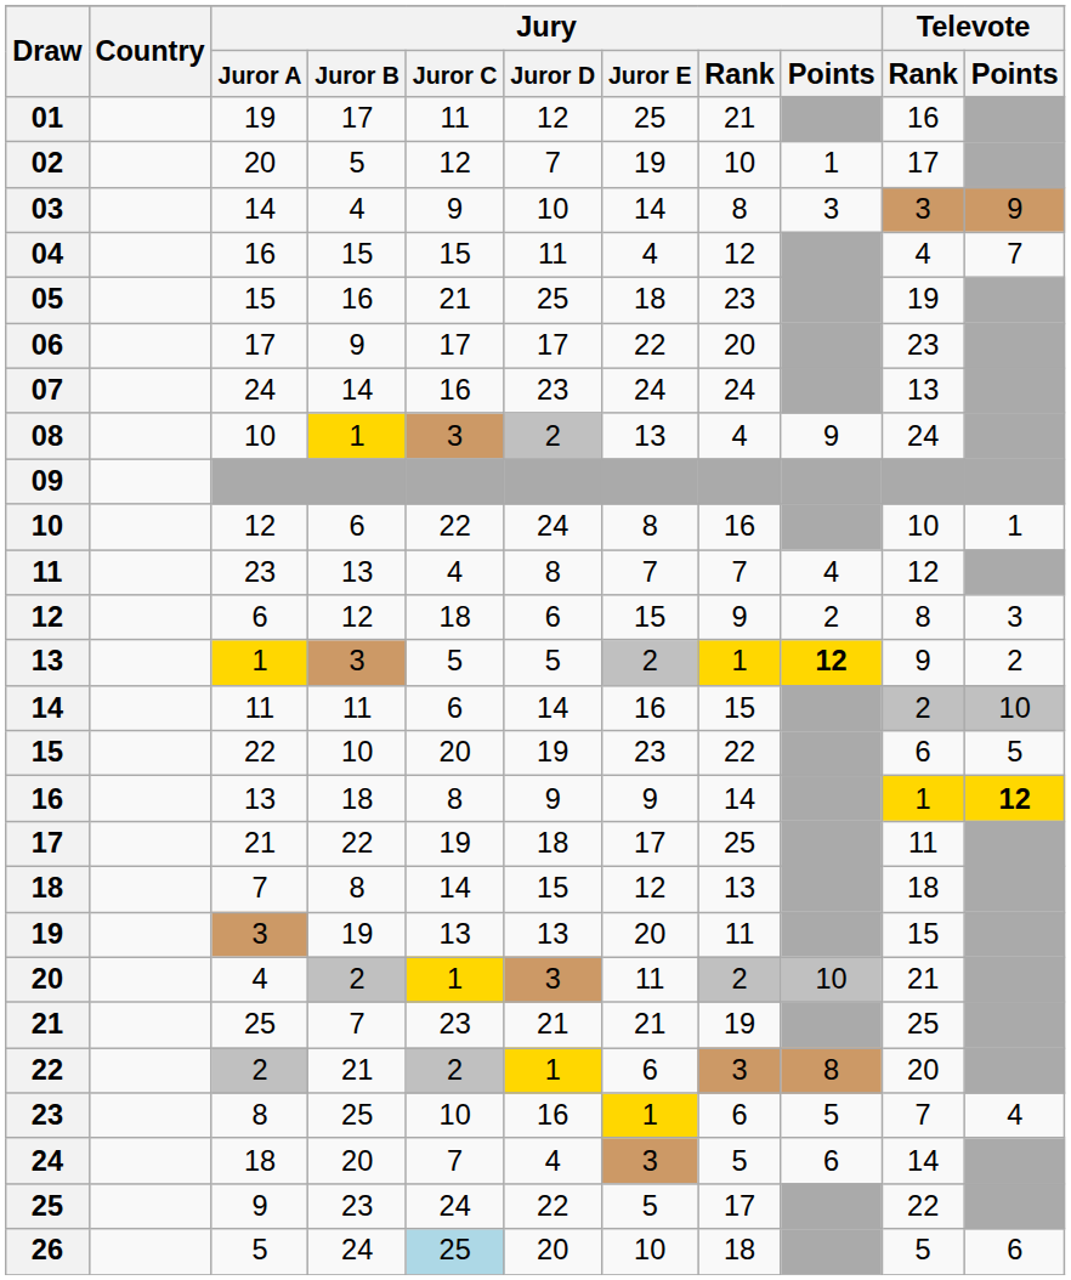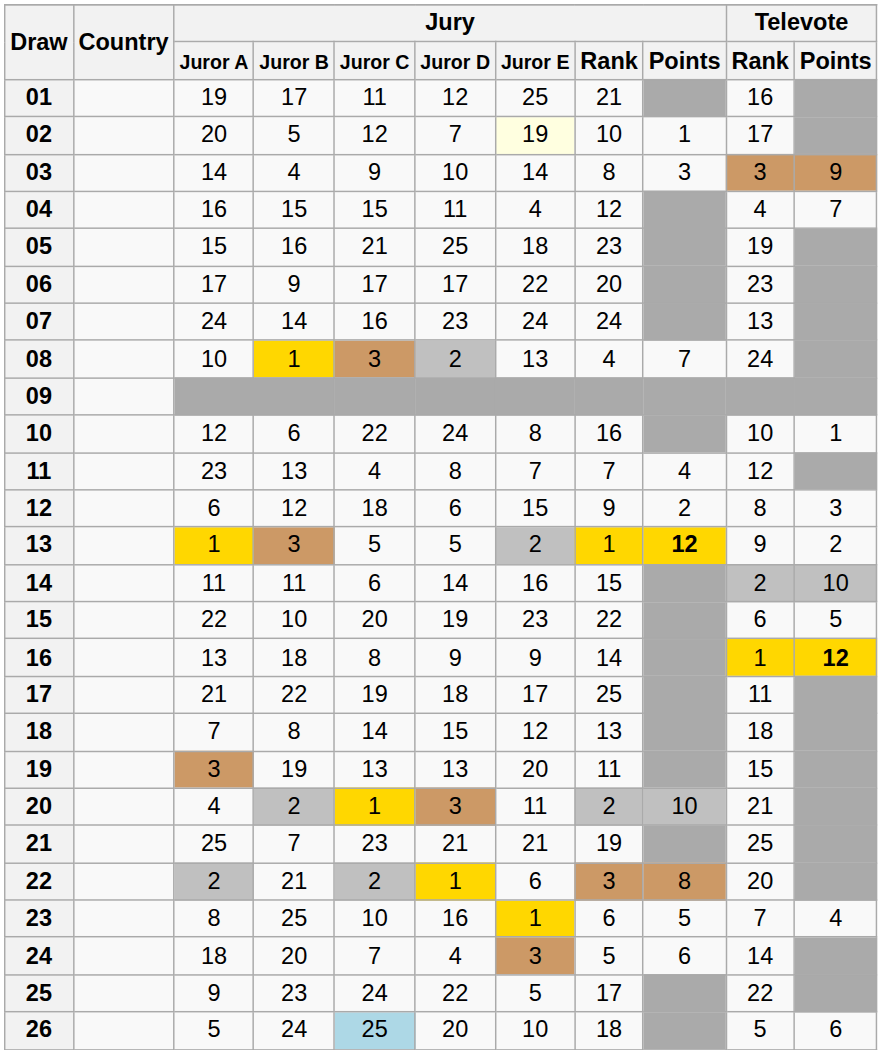 <table class="sortable wikitable collapsible plainrowheaders" style="text-align:center;">
 <tr>
 </tr>
 <tr>
 <th scope="col" rowspan="2">Draw</th>
 <th scope="col" rowspan="2">Country</th>
 <th scope="col" colspan="7">Jury</th>
 <th scope="col" colspan="2">Televote</th>
 </tr>
 <tr>
 <th scope="col"><small>Juror A</small></th>
 <th scope="col"><small>Juror B</small></th>
 <th scope="col"><small>Juror C</small></th>
 <th scope="col"><small>Juror D</small></th>
 <th scope="col"><small>Juror E</small></th>
 <th scope="col">Rank</th>
 <th scope="col" class="unsortable">Points</th>
 <th scope="col">Rank</th>
 <th scope="col" class="unsortable">Points</th>
 </tr>
 <tr>
 <th scope="row" style="text-align:center;">01</th>
 <td style="text-align:left;"></td>
 <td>19</td>
 <td>17</td>
 <td>11</td>
 <td>12</td>
 <td>25</td>
 <td>21</td>
 <td style="background:#AAAAAA;"></td>
 <td>16</td>
 <td style="background:#AAAAAA;"></td>
 </tr>
 <tr>
 <th scope="row" style="text-align:center;">02</th>
 <td style="text-align:left;"></td>
 <td>20</td>
 <td>5</td>
 <td>12</td>
 <td>7</td>
-<td>19</td>
+<td style="background: lightyellow;">19</td>
 <td>10</td>
 <td>1</td>
 <td>17</td>
 <td style="background:#AAAAAA;"></td>
 </tr>
 <tr>
 <th scope="row" style="text-align:center;">03</th>
 <td style="text-align:left;"></td>
 <td>14</td>
 <td>4</td>
 <td>9</td>
 <td>10</td>
 <td>14</td>
 <td>8</td>
 <td>3</td>
 <td style="background:#CC9966;">3</td>
 <td style="background:#CC9966;">9</td>
 </tr>
 <tr>
 <th scope="row" style="text-align:center;">04</th>
 <td style="text-align:left;"></td>
 <td>16</td>
 <td>15</td>
 <td>15</td>
 <td>11</td>
 <td>4</td>
 <td>12</td>
 <td style="background:#AAAAAA;"></td>
 <td>4</td>
 <td>7</td>
 </tr>
 <tr>
 <th scope="row" style="text-align:center;">05</th>
 <td style="text-align:left;"></td>
 <td>15</td>
 <td>16</td>
 <td>21</td>
 <td>25</td>
 <td>18</td>
 <td>23</td>
 <td style="background:#AAAAAA;"></td>
 <td>19</td>
 <td style="background:#AAAAAA;"></td>
 </tr>
 <tr>
 <th scope="row" style="text-align:center;">06</th>
 <td style="text-align:left;"></td>
 <td>17</td>
 <td>9</td>
 <td>17</td>
 <td>17</td>
 <td>22</td>
 <td>20</td>
 <td style="background:#AAAAAA;"></td>
 <td>23</td>
 <td style="background:#AAAAAA;"></td>
 </tr>
 <tr>
 <th scope="row" style="text-align:center;">07</th>
 <td style="text-align:left;"></td>
 <td>24</td>
 <td>14</td>
 <td>16</td>
 <td>23</td>
 <td>24</td>
 <td>24</td>
 <td style="background:#AAAAAA;"></td>
 <td>13</td>
 <td style="background:#AAAAAA;"></td>
 </tr>
 <tr>
 <th scope="row" style="text-align:center;">08</th>
 <td style="text-align:left;"></td>
 <td>10</td>
 <td style="background:gold;">1</td>
 <td style="background:#CC9966;">3</td>
 <td style="background:silver;">2</td>
 <td>13</td>
 <td>4</td>
-<td>9</td>
+<td>7</td>
 <td>24</td>
 <td style="background:#AAAAAA;"></td>
 </tr>
 <tr class=sortbottom>
 <th scope="row" style="text-align:center;">09</th>
 <td style="text-align:left;"></td>
 <td style="background:#AAAAAA;"></td>
 <td style="background:#AAAAAA;"></td>
 <td style="background:#AAAAAA;"></td>
 <td style="background:#AAAAAA;"></td>
 <td style="background:#AAAAAA;"></td>
 <td style="background:#AAAAAA;"></td>
 <td style="background:#AAAAAA;"></td>
 <td style="background:#AAAAAA;"></td>
 <td style="background:#AAAAAA;"></td>
 </tr>
 <tr>
 <th scope="row" style="text-align:center;">10</th>
 <td style="text-align:left;"></td>
 <td>12</td>
 <td>6</td>
 <td>22</td>
 <td>24</td>
 <td>8</td>
 <td>16</td>
 <td style="background:#AAAAAA;"></td>
 <td>10</td>
 <td>1</td>
 </tr>
 <tr>
 <th scope="row" style="text-align:center;">11</th>
 <td style="text-align:left;"></td>
 <td>23</td>
 <td>13</td>
 <td>4</td>
 <td>8</td>
 <td>7</td>
 <td>7</td>
 <td>4</td>
 <td>12</td>
 <td style="background:#AAAAAA;"></td>
 </tr>
 <tr>
 <th scope="row" style="text-align:center;">12</th>
 <td style="text-align:left;"></td>
 <td>6</td>
 <td>12</td>
 <td>18</td>
 <td>6</td>
 <td>15</td>
 <td>9</td>
 <td>2</td>
 <td>8</td>
 <td>3</td>
 </tr>
 <tr>
 <th scope="row" style="text-align:center;">13</th>
 <td style="text-align:left;"></td>
 <td style="background:gold;">1</td>
 <td style="background:#CC9966;">3</td>
 <td>5</td>
 <td>5</td>
 <td style="background:silver;">2</td>
 <td style="background:gold;">1</td>
 <td style="background:gold;"><strong>12</strong></td>
 <td>9</td>
 <td>2</td>
 </tr>
 <tr>
 <th scope="row" style="text-align:center;">14</th>
 <td style="text-align:left;"></td>
 <td>11</td>
 <td>11</td>
 <td>6</td>
 <td>14</td>
 <td>16</td>
 <td>15</td>
 <td style="background:#AAAAAA;"></td>
 <td style="background:silver;">2</td>
 <td style="background:silver;">10</td>
 </tr>
 <tr>
 <th scope="row" style="text-align:center;">15</th>
 <td style="text-align:left;"></td>
 <td>22</td>
 <td>10</td>
 <td>20</td>
 <td>19</td>
 <td>23</td>
 <td>22</td>
 <td style="background:#AAAAAA;"></td>
 <td>6</td>
 <td>5</td>
 </tr>
 <tr>
 <th scope="row" style="text-align:center;">16</th>
 <td style="text-align:left;"></td>
 <td>13</td>
 <td>18</td>
 <td>8</td>
 <td>9</td>
 <td>9</td>
 <td>14</td>
 <td style="background:#AAAAAA;"></td>
 <td style="background:gold;">1</td>
 <td style="background:gold;"><strong>12</strong></td>
 </tr>
 <tr>
 <th scope="row" style="text-align:center;">17</th>
 <td style="text-align:left;"></td>
 <td>21</td>
 <td>22</td>
 <td>19</td>
 <td>18</td>
 <td>17</td>
 <td>25</td>
 <td style="background:#AAAAAA;"></td>
 <td>11</td>
 <td style="background:#AAAAAA;"></td>
 </tr>
 <tr>
 <th scope="row" style="text-align:center;">18</th>
 <td style="text-align:left;"></td>
 <td>7</td>
 <td>8</td>
 <td>14</td>
 <td>15</td>
 <td>12</td>
 <td>13</td>
 <td style="background:#AAAAAA;"></td>
 <td>18</td>
 <td style="background:#AAAAAA;"></td>
 </tr>
 <tr>
 <th scope="row" style="text-align:center;">19</th>
 <td style="text-align:left;"></td>
 <td style="background:#CC9966;">3</td>
 <td>19</td>
 <td>13</td>
 <td>13</td>
 <td>20</td>
 <td>11</td>
 <td style="background:#AAAAAA;"></td>
 <td>15</td>
 <td style="background:#AAAAAA;"></td>
 </tr>
 <tr>
 <th scope="row" style="text-align:center;">20</th>
 <td style="text-align:left;"></td>
 <td>4</td>
 <td style="background:silver;">2</td>
 <td style="background:gold;">1</td>
 <td style="background:#CC9966;">3</td>
 <td>11</td>
 <td style="background:silver;">2</td>
 <td style="background:silver;">10</td>
 <td>21</td>
 <td style="background:#AAAAAA;"></td>
 </tr>
 <tr>
 <th scope="row" style="text-align:center;">21</th>
 <td style="text-align:left;"></td>
 <td>25</td>
 <td>7</td>
 <td>23</td>
 <td>21</td>
 <td>21</td>
 <td>19</td>
 <td style="background:#AAAAAA;"></td>
 <td>25</td>
 <td style="background:#AAAAAA;"></td>
 </tr>
 <tr>
 <th scope="row" style="text-align:center;">22</th>
 <td style="text-align:left;"></td>
 <td style="background:silver;">2</td>
 <td>21</td>
 <td style="background:silver;">2</td>
 <td style="background:gold;">1</td>
 <td>6</td>
 <td style="background:#CC9966;">3</td>
 <td style="background:#CC9966;">8</td>
 <td>20</td>
 <td style="background:#AAAAAA;"></td>
 </tr>
 <tr>
 <th scope="row" style="text-align:center;">23</th>
 <td style="text-align:left;"></td>
 <td>8</td>
 <td>25</td>
 <td>10</td>
 <td>16</td>
 <td style="background:gold;">1</td>
 <td>6</td>
 <td>5</td>
 <td>7</td>
 <td>4</td>
 </tr>
 <tr>
 <th scope="row" style="text-align:center;">24</th>
 <td style="text-align:left;"></td>
 <td>18</td>
 <td>20</td>
 <td>7</td>
 <td>4</td>
 <td style="background:#CC9966;">3</td>
 <td>5</td>
 <td>6</td>
 <td>14</td>
 <td style="background:#AAAAAA;"></td>
 </tr>
 <tr>
 <th scope="row" style="text-align:center;">25</th>
 <td style="text-align:left;"></td>
 <td>9</td>
 <td>23</td>
 <td>24</td>
 <td>22</td>
 <td>5</td>
 <td>17</td>
 <td style="background:#AAAAAA;"></td>
 <td>22</td>
 <td style="background:#AAAAAA;"></td>
 </tr>
 <tr>
 <th scope="row" style="text-align:center;">26</th>
 <td style="text-align:left;"></td>
 <td>5</td>
 <td>24</td>
 <td style="background: lightblue;">25</td>
 <td>20</td>
 <td>10</td>
 <td>18</td>
 <td style="background:#AAAAAA;"></td>
 <td>5</td>
 <td>6</td>
 </tr>
 </table>
